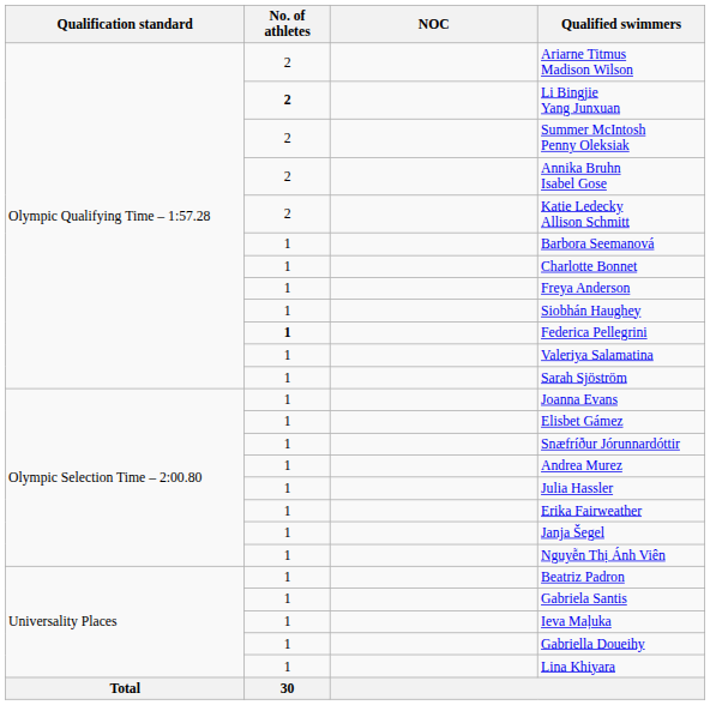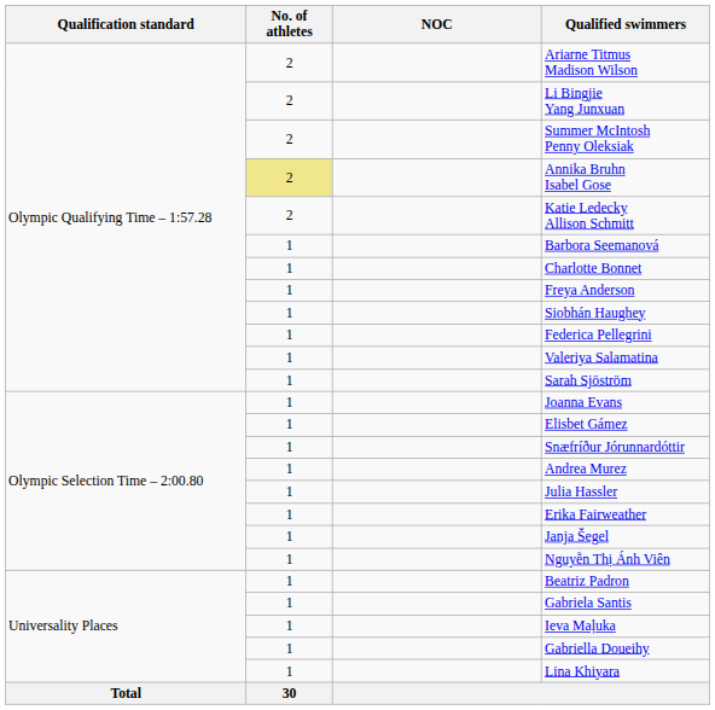 <table class=wikitable style="text-align:left" width=800>
 <tr>
 <th>Qualification standard</th>
 <th width=90>No. of athletes</th>
 <th width=230>NOC</th>
 <th>Qualified swimmers</th>
 </tr>
 <tr>
 <td rowspan=12>Olympic Qualifying Time – 1:57.28</td>
 <td align=center>2</td>
 <td></td>
 <td><a href='#'>Ariarne Titmus</a><br><a href='#'>Madison Wilson</a></td>
 </tr>
 <tr>
-<td align=center><strong>2</strong></td>
+<td align=center>2</td>
 <td></td>
 <td><a href='#'>Li Bingjie</a><br><a href='#'>Yang Junxuan</a></td>
 </tr>
 <tr>
 <td align=center>2</td>
 <td></td>
 <td><a href='#'>Summer McIntosh</a><br><a href='#'>Penny Oleksiak</a></td>
 </tr>
 <tr>
-<td align=center>2</td>
+<td align=center style="background: khaki;">2</td>
 <td></td>
 <td><a href='#'>Annika Bruhn</a><br><a href='#'>Isabel Gose</a></td>
 </tr>
 <tr>
 <td align=center>2</td>
 <td></td>
 <td><a href='#'>Katie Ledecky</a><br><a href='#'>Allison Schmitt</a></td>
 </tr>
 <tr>
 <td align=center>1</td>
 <td></td>
 <td><a href='#'>Barbora Seemanová</a></td>
 </tr>
 <tr>
 <td align=center>1</td>
 <td></td>
 <td><a href='#'>Charlotte Bonnet</a></td>
 </tr>
 <tr>
 <td align=center>1</td>
 <td></td>
 <td><a href='#'>Freya Anderson</a></td>
 </tr>
 <tr>
 <td align=center>1</td>
 <td></td>
 <td><a href='#'>Siobhán Haughey</a></td>
 </tr>
 <tr>
-<td align=center><strong>1</strong></td>
+<td align=center>1</td>
 <td></td>
 <td><a href='#'>Federica Pellegrini</a></td>
 </tr>
 <tr>
 <td align=center>1</td>
 <td></td>
 <td><a href='#'>Valeriya Salamatina</a></td>
 </tr>
 <tr>
 <td align=center>1</td>
 <td></td>
 <td><a href='#'>Sarah Sjöström</a></td>
 </tr>
 <tr>
 <td rowspan=8>Olympic Selection Time – 2:00.80</td>
 <td align=center>1</td>
 <td></td>
 <td><a href='#'>Joanna Evans</a></td>
 </tr>
 <tr>
 <td align=center>1</td>
 <td></td>
 <td><a href='#'>Elisbet Gámez</a></td>
 </tr>
 <tr>
 <td align=center>1</td>
 <td></td>
 <td><a href='#'>Snæfríður Jórunnardóttir</a></td>
 </tr>
 <tr>
 <td align=center>1</td>
 <td></td>
 <td><a href='#'>Andrea Murez</a></td>
 </tr>
 <tr>
 <td align=center>1</td>
 <td></td>
 <td><a href='#'>Julia Hassler</a></td>
 </tr>
 <tr>
 <td align=center>1</td>
 <td></td>
 <td><a href='#'>Erika Fairweather</a></td>
 </tr>
 <tr>
 <td align=center>1</td>
 <td></td>
 <td><a href='#'>Janja Šegel</a></td>
 </tr>
 <tr>
 <td align=center>1</td>
 <td></td>
 <td><a href='#'>Nguyễn Thị Ánh Viên</a></td>
 </tr>
 <tr>
 <td rowspan=5>Universality Places</td>
 <td align=center>1</td>
 <td></td>
 <td><a href='#'>Beatriz Padron</a></td>
 </tr>
 <tr>
 <td align=center>1</td>
 <td></td>
 <td><a href='#'>Gabriela Santis</a></td>
 </tr>
 <tr>
 <td align=center>1</td>
 <td></td>
 <td><a href='#'>Ieva Maļuka</a></td>
 </tr>
 <tr>
 <td align=center>1</td>
 <td></td>
 <td><a href='#'>Gabriella Doueihy</a></td>
 </tr>
 <tr>
 <td align=center>1</td>
 <td></td>
 <td><a href='#'>Lina Khiyara</a></td>
 </tr>
 <tr>
 <th><strong>Total</strong></th>
 <th>30</th>
 <th colspan=2></th>
 </tr>
 </table>
